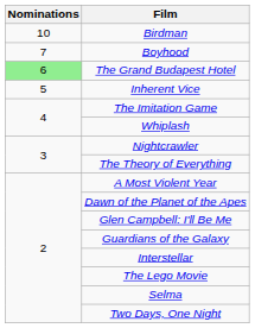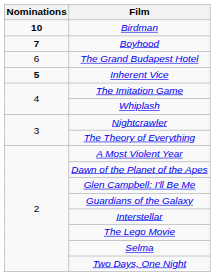 <table class="wikitable" style="text-align:center;">
 <tr>
 <th scope="col" width="55">Nominations</th>
 <th scope="col" align="center">Film</th>
 </tr>
 <tr>
-<td style="text-align:center;">10</td>
+<td style="text-align:center;"><strong>10</strong></td>
 <td><em><a href='#'>Birdman</a></em></td>
 </tr>
 <tr>
-<td rowspan=1 style="text-align:center">7</td>
+<td rowspan=1 style="text-align:center"><strong>7</strong></td>
 <td><em><a href='#'>Boyhood</a></em></td>
 </tr>
 <tr>
-<td rowspan=1 style="background: lightgreen; text-align:center">6</td>
+<td rowspan=1 style="text-align:center">6</td>
 <td><em><a href='#'>The Grand Budapest Hotel</a></em></td>
 </tr>
 <tr>
-<td rowspan=1 style="text-align:center">5</td>
+<td rowspan=1 style="text-align:center"><strong>5</strong></td>
 <td><em><a href='#'>Inherent Vice</a></em></td>
 </tr>
 <tr>
 <td rowspan=2 style="text-align:center">4</td>
 <td><em><a href='#'>The Imitation Game</a></em></td>
 </tr>
 <tr>
 <td><em><a href='#'>Whiplash</a></em></td>
 </tr>
 <tr>
 <td rowspan=2 style="text-align:center">3</td>
 <td><em><a href='#'>Nightcrawler</a></em></td>
 </tr>
 <tr>
 <td><em><a href='#'>The Theory of Everything</a></em></td>
 </tr>
 <tr>
 <td rowspan=8 style="text-align:center">2</td>
 <td><em><a href='#'>A Most Violent Year</a></em></td>
 </tr>
 <tr>
 <td><em><a href='#'>Dawn of the Planet of the Apes</a></em></td>
 </tr>
 <tr>
 <td><em><a href='#'>Glen Campbell: I'll Be Me</a></em></td>
 </tr>
 <tr>
 <td><em><a href='#'>Guardians of the Galaxy</a></em></td>
 </tr>
 <tr>
 <td><em><a href='#'>Interstellar</a></em></td>
 </tr>
 <tr>
 <td><em><a href='#'>The Lego Movie</a></em></td>
 </tr>
 <tr>
 <td><em><a href='#'>Selma</a></em></td>
 </tr>
 <tr>
 <td><em><a href='#'>Two Days, One Night</a></em></td>
 </tr>
 </table>
